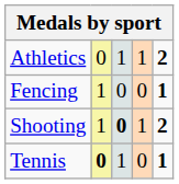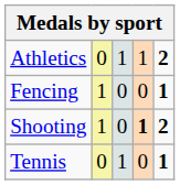 <table class="wikitable" style="font-size:90%; text-align:center;">
 <tr>
 <th colspan="5">Medals by sport</th>
 </tr>
 <tr>
 <td align="left"><a href='#'>Athletics</a></td>
 <td style="background:#F7F6A8;">0</td>
 <td style="background:#DCE5E5;">1</td>
 <td style="background:#FFDAB9;">1</td>
 <td><strong>2</strong></td>
 </tr>
 <tr>
 <td align="left"><a href='#'>Fencing</a></td>
 <td style="background:#F7F6A8;">1</td>
 <td style="background:#DCE5E5;">0</td>
 <td style="background:#FFDAB9;">0</td>
 <td><strong>1</strong></td>
 </tr>
 <tr>
 <td align="left"><a href='#'>Shooting</a></td>
 <td style="background:#F7F6A8;">1</td>
-<td style="background:#DCE5E5;"><strong>0</strong></td>
-<td style="background:#FFDAB9;">1</td>
+<td style="background:#DCE5E5;">0</td>
+<td style="background:#FFDAB9;"><strong>1</strong></td>
 <td><strong>2</strong></td>
 </tr>
 <tr>
 <td align="left"><a href='#'>Tennis</a></td>
-<td style="background:#F7F6A8;"><strong>0</strong></td>
+<td style="background:#F7F6A8;">0</td>
 <td style="background:#DCE5E5;">1</td>
 <td style="background:#FFDAB9;">0</td>
 <td><strong>1</strong></td>
 </tr>
 </table>
